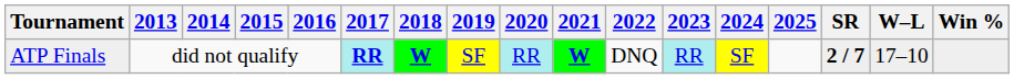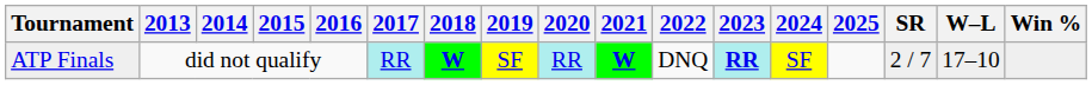 <table class=wikitable style=text-align:center;font-size:94%>
 <tr>
 <th>Tournament</th>
 <th><a href='#'>2013</a></th>
 <th><a href='#'>2014</a></th>
 <th><a href='#'>2015</a></th>
 <th><a href='#'>2016</a></th>
 <th><a href='#'>2017</a></th>
 <th><a href='#'>2018</a></th>
 <th><a href='#'>2019</a></th>
 <th><a href='#'>2020</a></th>
 <th><a href='#'>2021</a></th>
 <th><a href='#'>2022</a></th>
 <th><a href='#'>2023</a></th>
 <th><a href='#'>2024</a></th>
 <th><a href='#'>2025</a></th>
 <th>SR</th>
 <th>W–L</th>
 <th>Win %</th>
 </tr>
 <tr>
 <td style=background:#efefef;text-align:left><a href='#'>ATP Finals</a></td>
 <td colspan=4>did not qualify</td>
-<td bgcolor=afeeee><strong><a href='#'>RR</a></strong></td>
+<td bgcolor=afeeee><a href='#'>RR</a></td>
 <td bgcolor=lime><a href='#'><strong>W</strong></a></td>
 <td bgcolor=yellow><a href='#'>SF</a></td>
 <td bgcolor=afeeee><a href='#'>RR</a></td>
 <td bgcolor=lime><a href='#'><strong>W</strong></a></td>
 <td>DNQ</td>
-<td bgcolor=afeeee><a href='#'>RR</a></td>
+<td bgcolor=afeeee><strong><a href='#'>RR</a></strong></td>
 <td bgcolor=yellow><a href='#'>SF</a></td>
 <td></td>
-<td bgcolor=efefef><strong>2 / 7</strong></td>
+<td bgcolor=efefef>2 / 7</td>
 <td bgcolor=efefef>17–10</td>
 <td bgcolor=efefef></td>
 </tr>
 </table>
